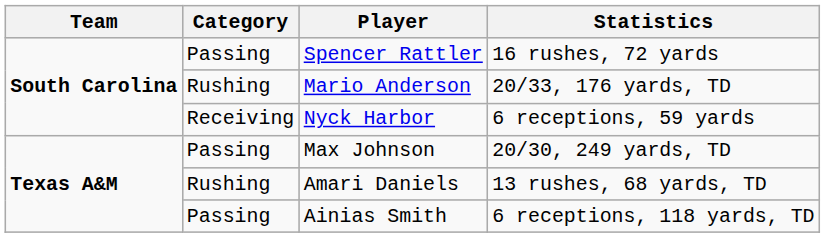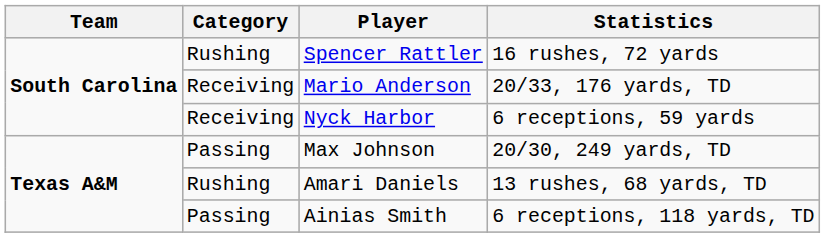 <table class="wikitable" style="float: right;">
 <tr>
 <th>Team</th>
 <th>Category</th>
 <th>Player</th>
 <th>Statistics</th>
 </tr>
 <tr>
 <td rowspan=3><strong>South Carolina</strong></td>
-<td>Passing</td>
+<td>Rushing</td>
 <td><a href='#'>Spencer Rattler</a></td>
 <td>16 rushes, 72 yards</td>
 </tr>
 <tr>
-<td>Rushing</td>
+<td>Receiving</td>
 <td><a href='#'>Mario Anderson</a></td>
 <td>20/33, 176 yards, TD</td>
 </tr>
 <tr>
 <td>Receiving</td>
 <td><a href='#'>Nyck Harbor</a></td>
 <td>6 receptions, 59 yards</td>
 </tr>
 <tr>
 <td rowspan=3><strong>Texas A&M</strong></td>
 <td>Passing</td>
 <td>Max Johnson</td>
 <td>20/30, 249 yards, TD</td>
 </tr>
 <tr>
 <td>Rushing</td>
 <td>Amari Daniels</td>
 <td>13 rushes, 68 yards, TD</td>
 </tr>
 <tr>
 <td>Passing</td>
 <td>Ainias Smith</td>
 <td>6 receptions, 118 yards, TD</td>
 </tr>
 </table>
